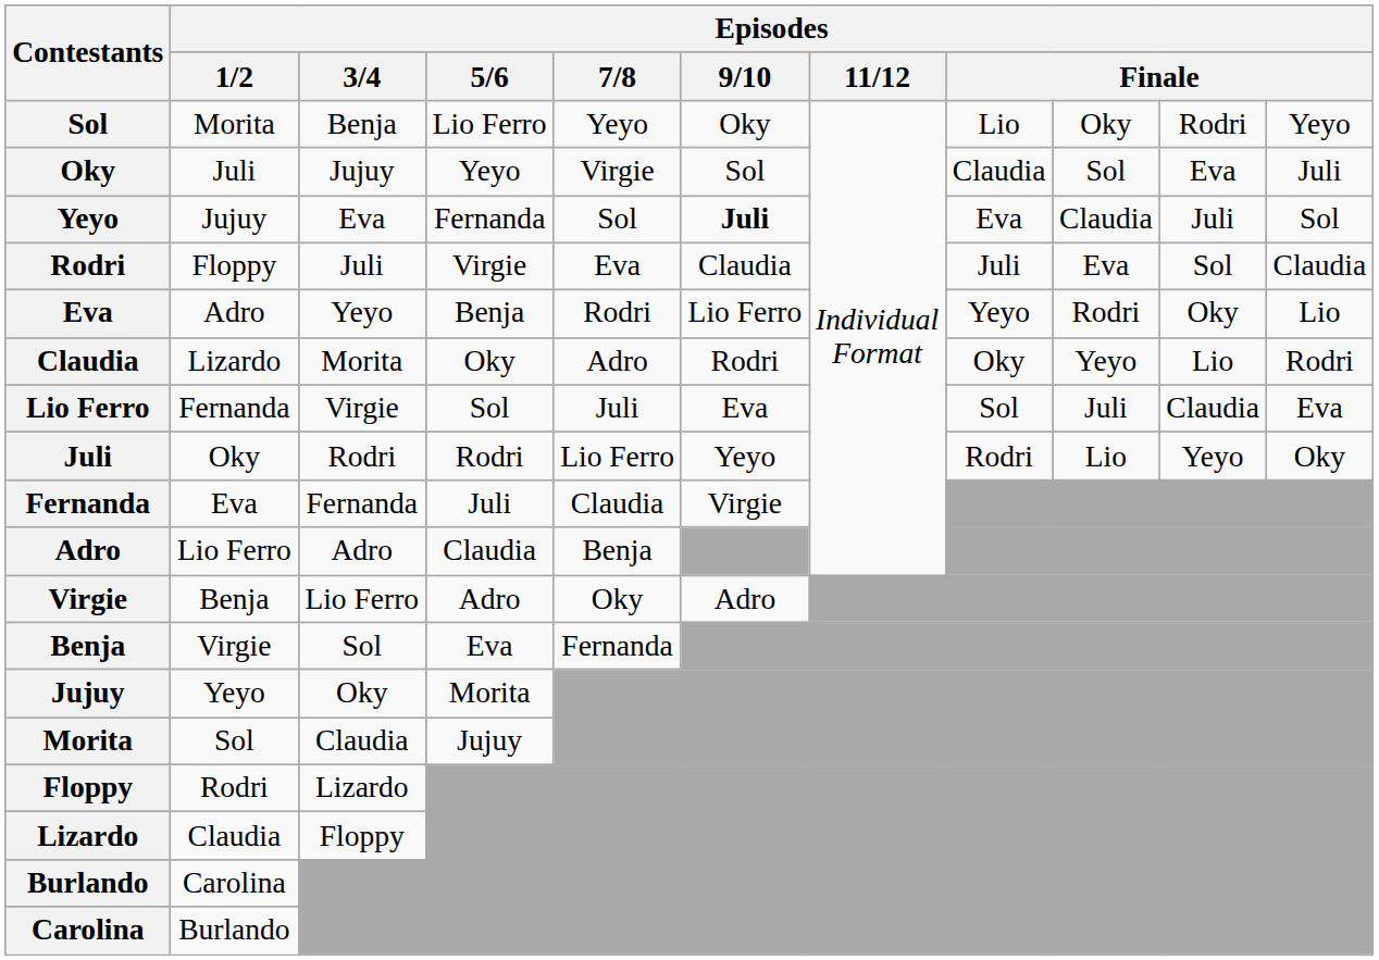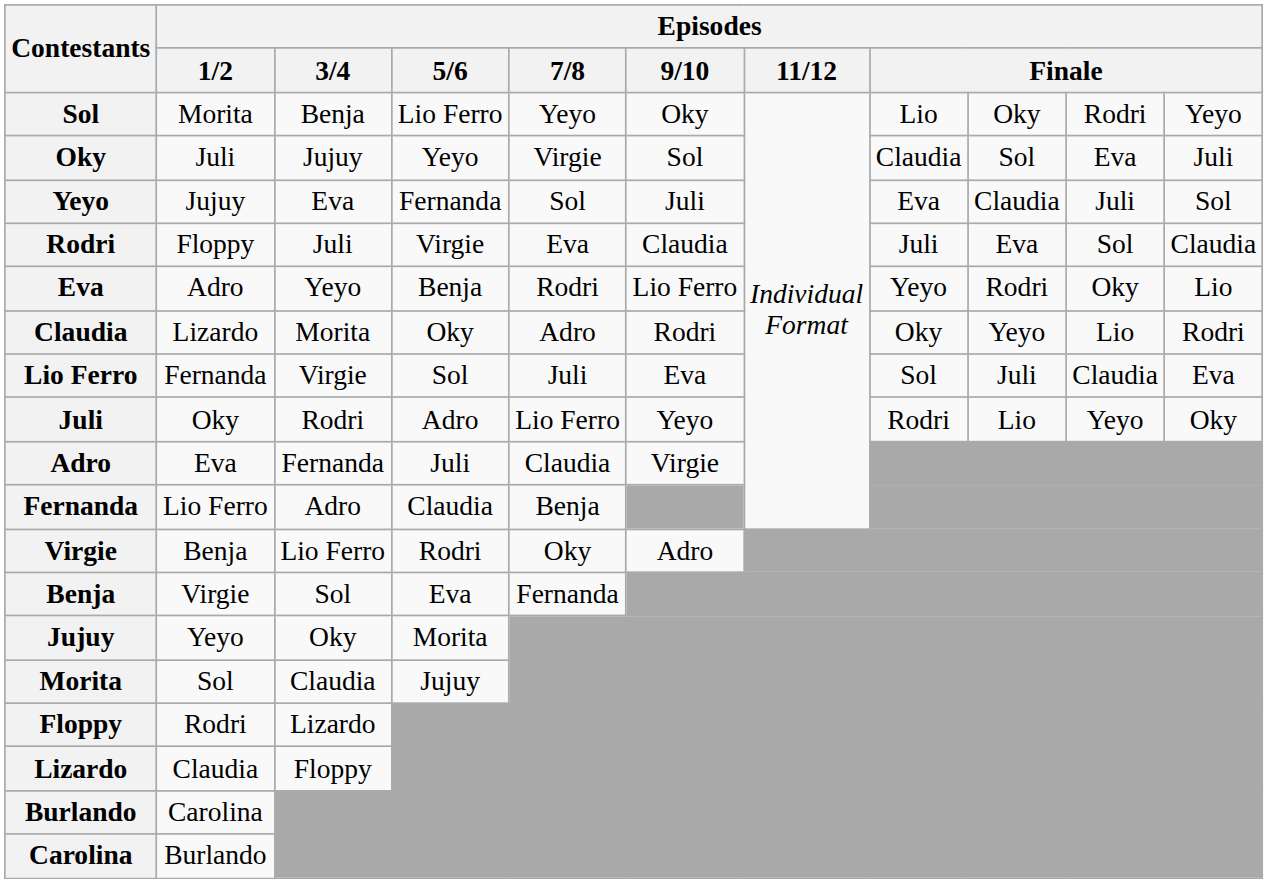 <table class="wikitable unsortable" style="text-align:center; font-size:100%; white-space:nowrap">
 <tr>
 <th scope="col" rowspan="2">Contestants</th>
 <th scope="col" colspan="10">Episodes</th>
 </tr>
 <tr>
 <th>1/2</th>
 <th>3/4</th>
 <th>5/6</th>
 <th>7/8</th>
 <th>9/10</th>
 <th>11/12</th>
 <th colspan="4">Finale</th>
 </tr>
 <tr>
 <th>Sol</th>
 <td>Morita</td>
 <td>Benja</td>
 <td>Lio Ferro</td>
 <td>Yeyo</td>
 <td>Oky</td>
 <td rowspan="10"><em>Individual<br>Format</em></td>
 <td>Lio</td>
 <td>Oky</td>
 <td>Rodri</td>
 <td>Yeyo</td>
 </tr>
 <tr>
 <th>Oky</th>
 <td>Juli</td>
 <td>Jujuy</td>
 <td>Yeyo</td>
 <td>Virgie</td>
 <td>Sol</td>
 <td>Claudia</td>
 <td>Sol</td>
 <td>Eva</td>
 <td>Juli</td>
 </tr>
 <tr>
 <th>Yeyo</th>
 <td>Jujuy</td>
 <td>Eva</td>
 <td>Fernanda</td>
 <td>Sol</td>
-<td><strong>Juli</strong></td>
+<td>Juli</td>
 <td>Eva</td>
 <td>Claudia</td>
 <td>Juli</td>
 <td>Sol</td>
 </tr>
 <tr>
 <th>Rodri</th>
 <td>Floppy</td>
 <td>Juli</td>
 <td>Virgie</td>
 <td>Eva</td>
 <td>Claudia</td>
 <td>Juli</td>
 <td>Eva</td>
 <td>Sol</td>
 <td>Claudia</td>
 </tr>
 <tr>
 <th>Eva</th>
 <td>Adro</td>
 <td>Yeyo</td>
 <td>Benja</td>
 <td>Rodri</td>
 <td>Lio Ferro</td>
 <td>Yeyo</td>
 <td>Rodri</td>
 <td>Oky</td>
 <td>Lio</td>
 </tr>
 <tr>
 <th>Claudia</th>
 <td>Lizardo</td>
 <td>Morita</td>
 <td>Oky</td>
 <td>Adro</td>
 <td>Rodri</td>
 <td>Oky</td>
 <td>Yeyo</td>
 <td>Lio</td>
 <td>Rodri</td>
 </tr>
 <tr>
 <th>Lio Ferro</th>
 <td>Fernanda</td>
 <td>Virgie</td>
 <td>Sol</td>
 <td>Juli</td>
 <td>Eva</td>
 <td>Sol</td>
 <td>Juli</td>
 <td>Claudia</td>
 <td>Eva</td>
 </tr>
 <tr>
 <th>Juli</th>
 <td>Oky</td>
 <td>Rodri</td>
-<td>Rodri</td>
+<td>Adro</td>
 <td>Lio Ferro</td>
 <td>Yeyo</td>
 <td>Rodri</td>
 <td>Lio</td>
 <td>Yeyo</td>
 <td>Oky</td>
 </tr>
 <tr>
-<th>Fernanda</th>
+<th>Adro</th>
 <td>Eva</td>
 <td>Fernanda</td>
 <td>Juli</td>
 <td>Claudia</td>
 <td>Virgie</td>
 <td colspan="4" bgcolor="darkgray"></td>
 </tr>
 <tr>
-<th>Adro</th>
+<th>Fernanda</th>
 <td>Lio Ferro</td>
 <td>Adro</td>
 <td>Claudia</td>
 <td>Benja</td>
 <td colspan="1" bgcolor="darkgray"></td>
 <td colspan="4" bgcolor="darkgray"></td>
 </tr>
 <tr>
 <th>Virgie</th>
 <td>Benja</td>
 <td>Lio Ferro</td>
-<td>Adro</td>
+<td>Rodri</td>
 <td>Oky</td>
 <td>Adro</td>
 <td colspan="5" bgcolor="darkgray"></td>
 </tr>
 <tr>
 <th>Benja</th>
 <td>Virgie</td>
 <td>Sol</td>
 <td>Eva</td>
 <td>Fernanda</td>
 <td colspan="6" bgcolor="darkgray"></td>
 </tr>
 <tr>
 <th>Jujuy</th>
 <td>Yeyo</td>
 <td>Oky</td>
 <td>Morita</td>
 <td colspan="7" rowspan="2" bgcolor="darkgray"></td>
 </tr>
 <tr>
 <th>Morita</th>
 <td>Sol</td>
 <td>Claudia</td>
 <td>Jujuy</td>
 </tr>
 <tr>
 <th>Floppy</th>
 <td>Rodri</td>
 <td>Lizardo</td>
 <td colspan="8" rowspan="2" bgcolor="darkgray"></td>
 </tr>
 <tr>
 <th>Lizardo</th>
 <td>Claudia</td>
 <td>Floppy</td>
 </tr>
 <tr>
 <th>Burlando</th>
 <td>Carolina</td>
 <td colspan="9" rowspan="2" bgcolor="darkgray"></td>
 </tr>
 <tr>
 <th>Carolina</th>
 <td>Burlando</td>
 </tr>
 </table>
